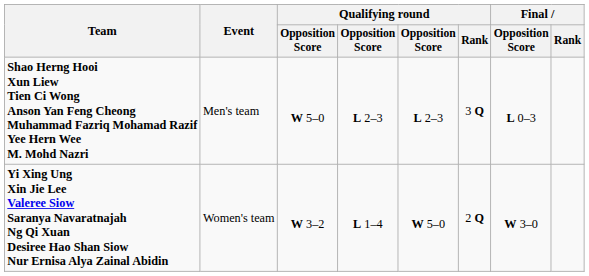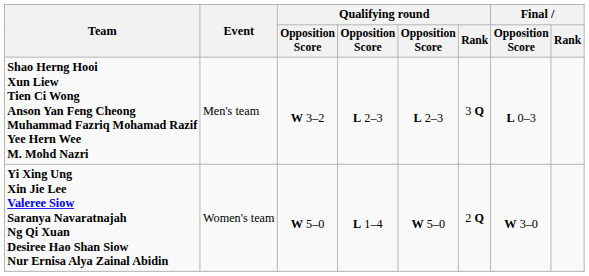 <table class=wikitable style=font-size:90%;text-align:center>
 <tr>
 <th rowspan=2>Team</th>
 <th rowspan=2>Event</th>
 <th colspan=4>Qualifying round</th>
 <th colspan=2>Final / </th>
 </tr>
 <tr style=font-size:95%>
 <th>Opposition<br>Score</th>
 <th>Opposition<br>Score</th>
 <th>Opposition<br>Score</th>
 <th>Rank</th>
 <th>Opposition<br>Score</th>
 <th>Rank</th>
 </tr>
 <tr>
 <td align=left><strong>Shao Herng Hooi<br>Xun Liew<br>Tien Ci Wong<br>Anson Yan Feng Cheong<br>Muhammad Fazriq Mohamad Razif<br>Yee Hern Wee<br>M. Mohd Nazri</strong></td>
 <td align=left>Men's team</td>
-<td><br><strong>W</strong> 5–0</td>
+<td><br><strong>W</strong> 3–2</td>
 <td><br><strong>L</strong> 2–3</td>
 <td><br><strong>L</strong> 2–3</td>
 <td>3 <strong>Q</strong></td>
 <td><br><strong>L</strong> 0–3</td>
 <td></td>
 </tr>
 <tr>
 <td align=left><strong>Yi Xing Ung<br>Xin Jie Lee<br><a href='#'>Valeree Siow</a><br>Saranya Navaratnajah<br>Ng Qi Xuan<br>Desiree Hao Shan Siow<br>Nur Ernisa Alya Zainal Abidin</strong></td>
 <td align=left>Women's team</td>
-<td><br><strong>W</strong> 3–2</td>
+<td><br><strong>W</strong> 5–0</td>
 <td><br><strong>L</strong> 1–4</td>
 <td><br><strong>W</strong> 5–0</td>
 <td>2 <strong>Q</strong></td>
 <td><br><strong>W</strong> 3–0</td>
 <td></td>
 </tr>
 </table>
